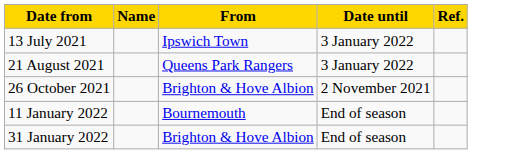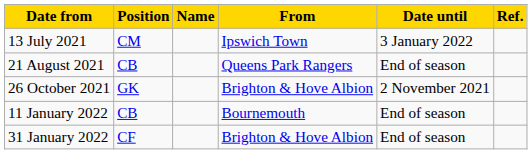 <table class="wikitable plainrowheaders sortable">
 <tr>
 <th style="background-color:#ffd700; color:#000000; ">Date from</th>
+<th style="background-color:#ffd700; color:#000000; ">Position</th>
 <th style="background-color:#ffd700; color:#000000; ">Name</th>
 <th style="background-color:#ffd700; color:#000000; ">From</th>
 <th style="background-color:#ffd700; color:#000000; ">Date until</th>
 <th style="background-color:#ffd700; color:#000000; ">Ref.</th>
 </tr>
 <tr>
 <td>13 July 2021</td>
+<td><a href='#'>CM</a></td>
 <td></td>
 <td><a href='#'>Ipswich Town</a></td>
 <td>3 January 2022</td>
 <td></td>
 </tr>
 <tr>
 <td>21 August 2021</td>
+<td><a href='#'>CB</a></td>
 <td></td>
 <td><a href='#'>Queens Park Rangers</a></td>
-<td>3 January 2022</td>
+<td>End of season</td>
 <td></td>
 </tr>
 <tr>
 <td>26 October 2021</td>
+<td><a href='#'>GK</a></td>
 <td></td>
 <td><a href='#'>Brighton & Hove Albion</a></td>
 <td>2 November 2021</td>
 <td></td>
 </tr>
 <tr>
 <td>11 January 2022</td>
+<td><a href='#'>CB</a></td>
 <td></td>
 <td><a href='#'>Bournemouth</a></td>
 <td>End of season</td>
 <td></td>
 </tr>
 <tr>
 <td>31 January 2022</td>
+<td><a href='#'>CF</a></td>
 <td></td>
 <td><a href='#'>Brighton & Hove Albion</a></td>
 <td>End of season</td>
 <td></td>
 </tr>
 </table>
